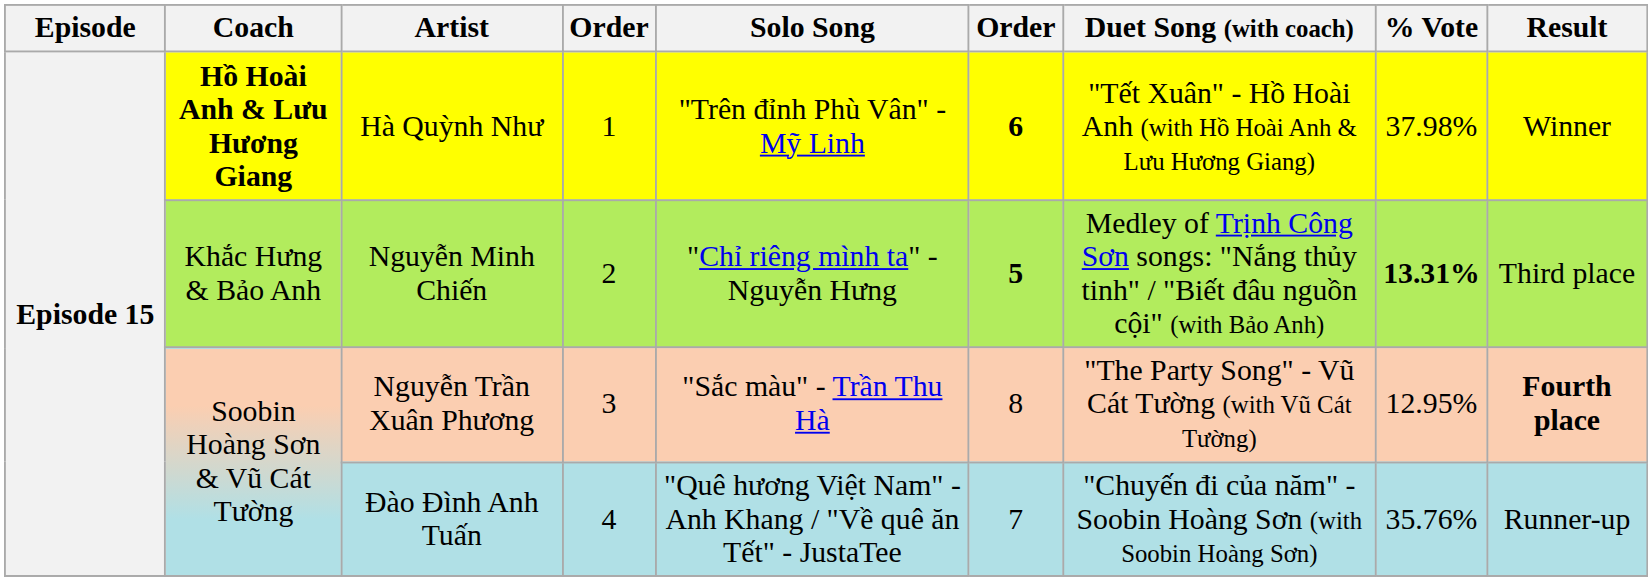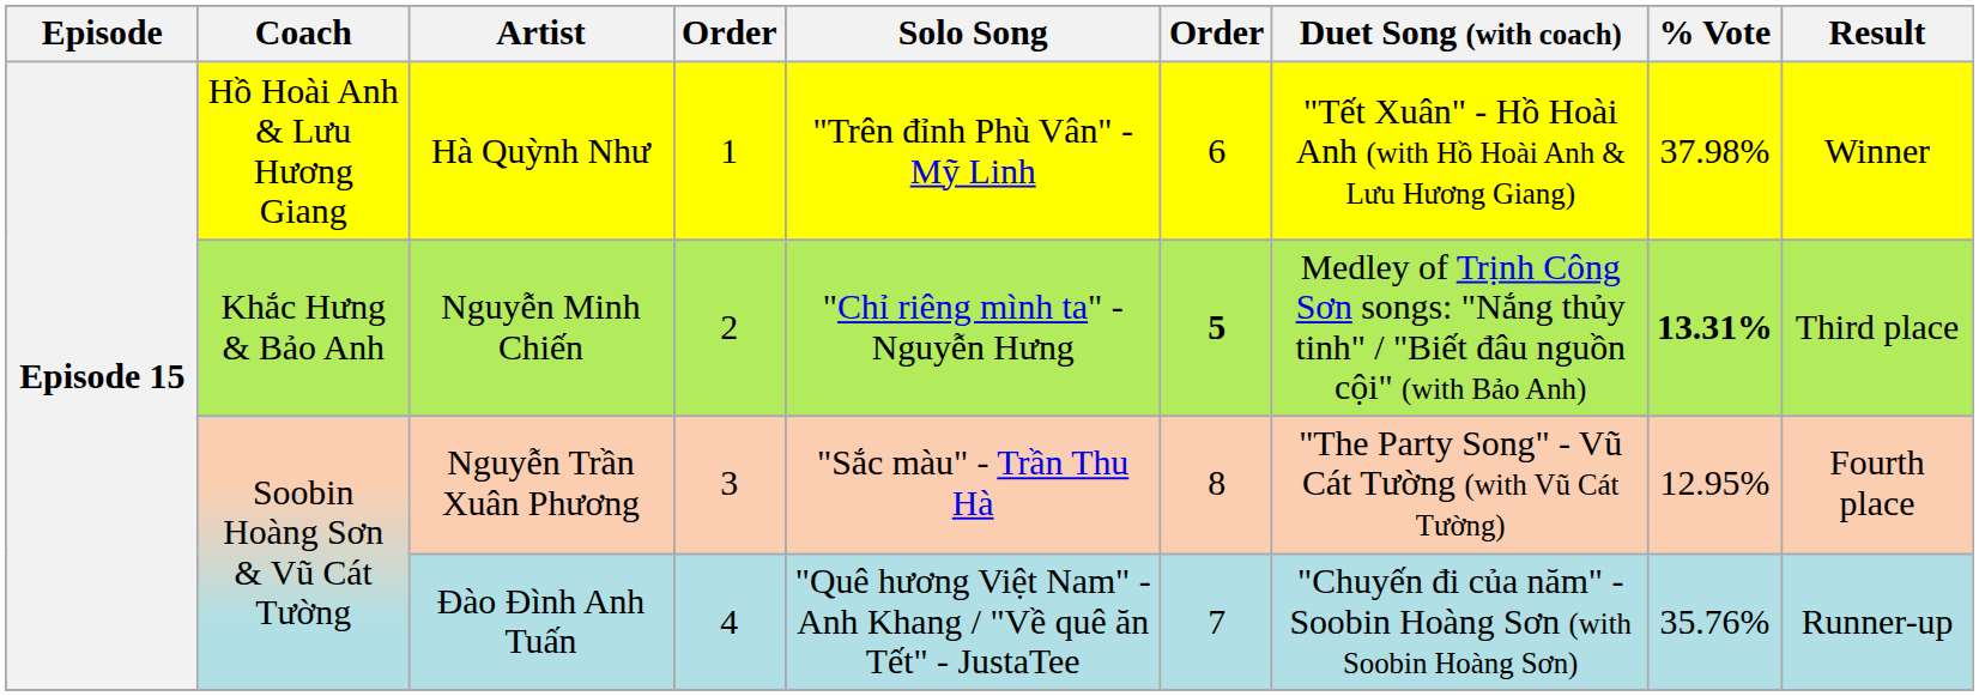 <table class="wikitable" style="text-align:center; width:100%;">
 <tr>
 <th style="width:10%;">Episode</th>
 <th style="width:11%;">Coach</th>
 <th style="width:14%;">Artist</th>
 <th style="width:05%;">Order</th>
 <th style="width:20%;">Solo Song</th>
 <th style="width:05%;">Order</th>
 <th style="width:20%;">Duet Song <small>(with coach)</small></th>
 <th style="width:05%;">% Vote</th>
 <th style="width:10%;">Result</th>
 </tr>
 <tr>
 <th rowspan="4" scope="row">Episode 15<br><small></small></th>
-<td style="background:yellow;"><strong>Hồ Hoài Anh & Lưu Hương Giang</strong></td>
+<td style="background:yellow;">Hồ Hoài Anh & Lưu Hương Giang</td>
 <td style="background:yellow;">Hà Quỳnh Như</td>
 <td style="background:yellow;">1</td>
 <td style="background:yellow;">"Trên đỉnh Phù Vân" - <a href='#'>Mỹ Linh</a></td>
-<td style="background:yellow;"><strong>6</strong></td>
+<td style="background:yellow;">6</td>
 <td style="background:yellow;">"Tết Xuân" - Hồ Hoài Anh <small>(with Hồ Hoài Anh & Lưu Hương Giang)</small></td>
 <td style="background:yellow;">37.98%</td>
 <td style="background:yellow;">Winner</td>
 </tr>
 <tr>
 <td style="background:#B2EC5D;">Khắc Hưng & Bảo Anh</td>
 <td style="background:#B2EC5D;">Nguyễn Minh Chiến</td>
 <td style="background:#B2EC5D;">2</td>
 <td style="background:#B2EC5D;">"<a href='#'>Chỉ riêng mình ta</a>" - Nguyễn Hưng</td>
 <td style="background:#B2EC5D;"><strong>5</strong></td>
 <td style="background:#B2EC5D;">Medley of <a href='#'>Trịnh Công Sơn</a> songs: "Nắng thủy tinh" / "Biết đâu nguồn cội" <small>(with Bảo Anh)</small></td>
 <td style="background:#B2EC5D;"><strong>13.31%</strong></td>
 <td style="background:#B2EC5D;">Third place</td>
 </tr>
 <tr>
 <td style="background-color:#b2ec5d;background:linear-gradient(to bottom,#FBCEB1 25%,#B0E0E6 75%)" rowspan="2">Soobin Hoàng Sơn & Vũ Cát Tường</td>
 <td style="background:#FBCEB1;">Nguyễn Trần Xuân Phương</td>
 <td style="background:#FBCEB1;">3</td>
 <td style="background:#FBCEB1;">"Sắc màu" - <a href='#'>Trần Thu Hà</a></td>
 <td style="background:#FBCEB1;">8</td>
 <td style="background:#FBCEB1;">"The Party Song" - Vũ Cát Tường <small>(with Vũ Cát Tường)</small></td>
 <td style="background:#FBCEB1;">12.95%</td>
-<td style="background:#FBCEB1;"><strong>Fourth place</strong></td>
+<td style="background:#FBCEB1;">Fourth place</td>
 </tr>
 <tr>
 <td style="background:#B0E0E6;">Đào Đình Anh Tuấn</td>
 <td style="background:#B0E0E6;">4</td>
 <td style="background:#B0E0E6;">"Quê hương Việt Nam" - Anh Khang / "Về quê ăn Tết" - JustaTee</td>
 <td style="background:#B0E0E6;">7</td>
 <td style="background:#B0E0E6;">"Chuyến đi của năm" - Soobin Hoàng Sơn <small>(with Soobin Hoàng Sơn)</small></td>
 <td style="background:#B0E0E6;">35.76%</td>
 <td style="background:#B0E0E6;">Runner-up</td>
 </tr>
 <tr>
 </tr>
 </table>
